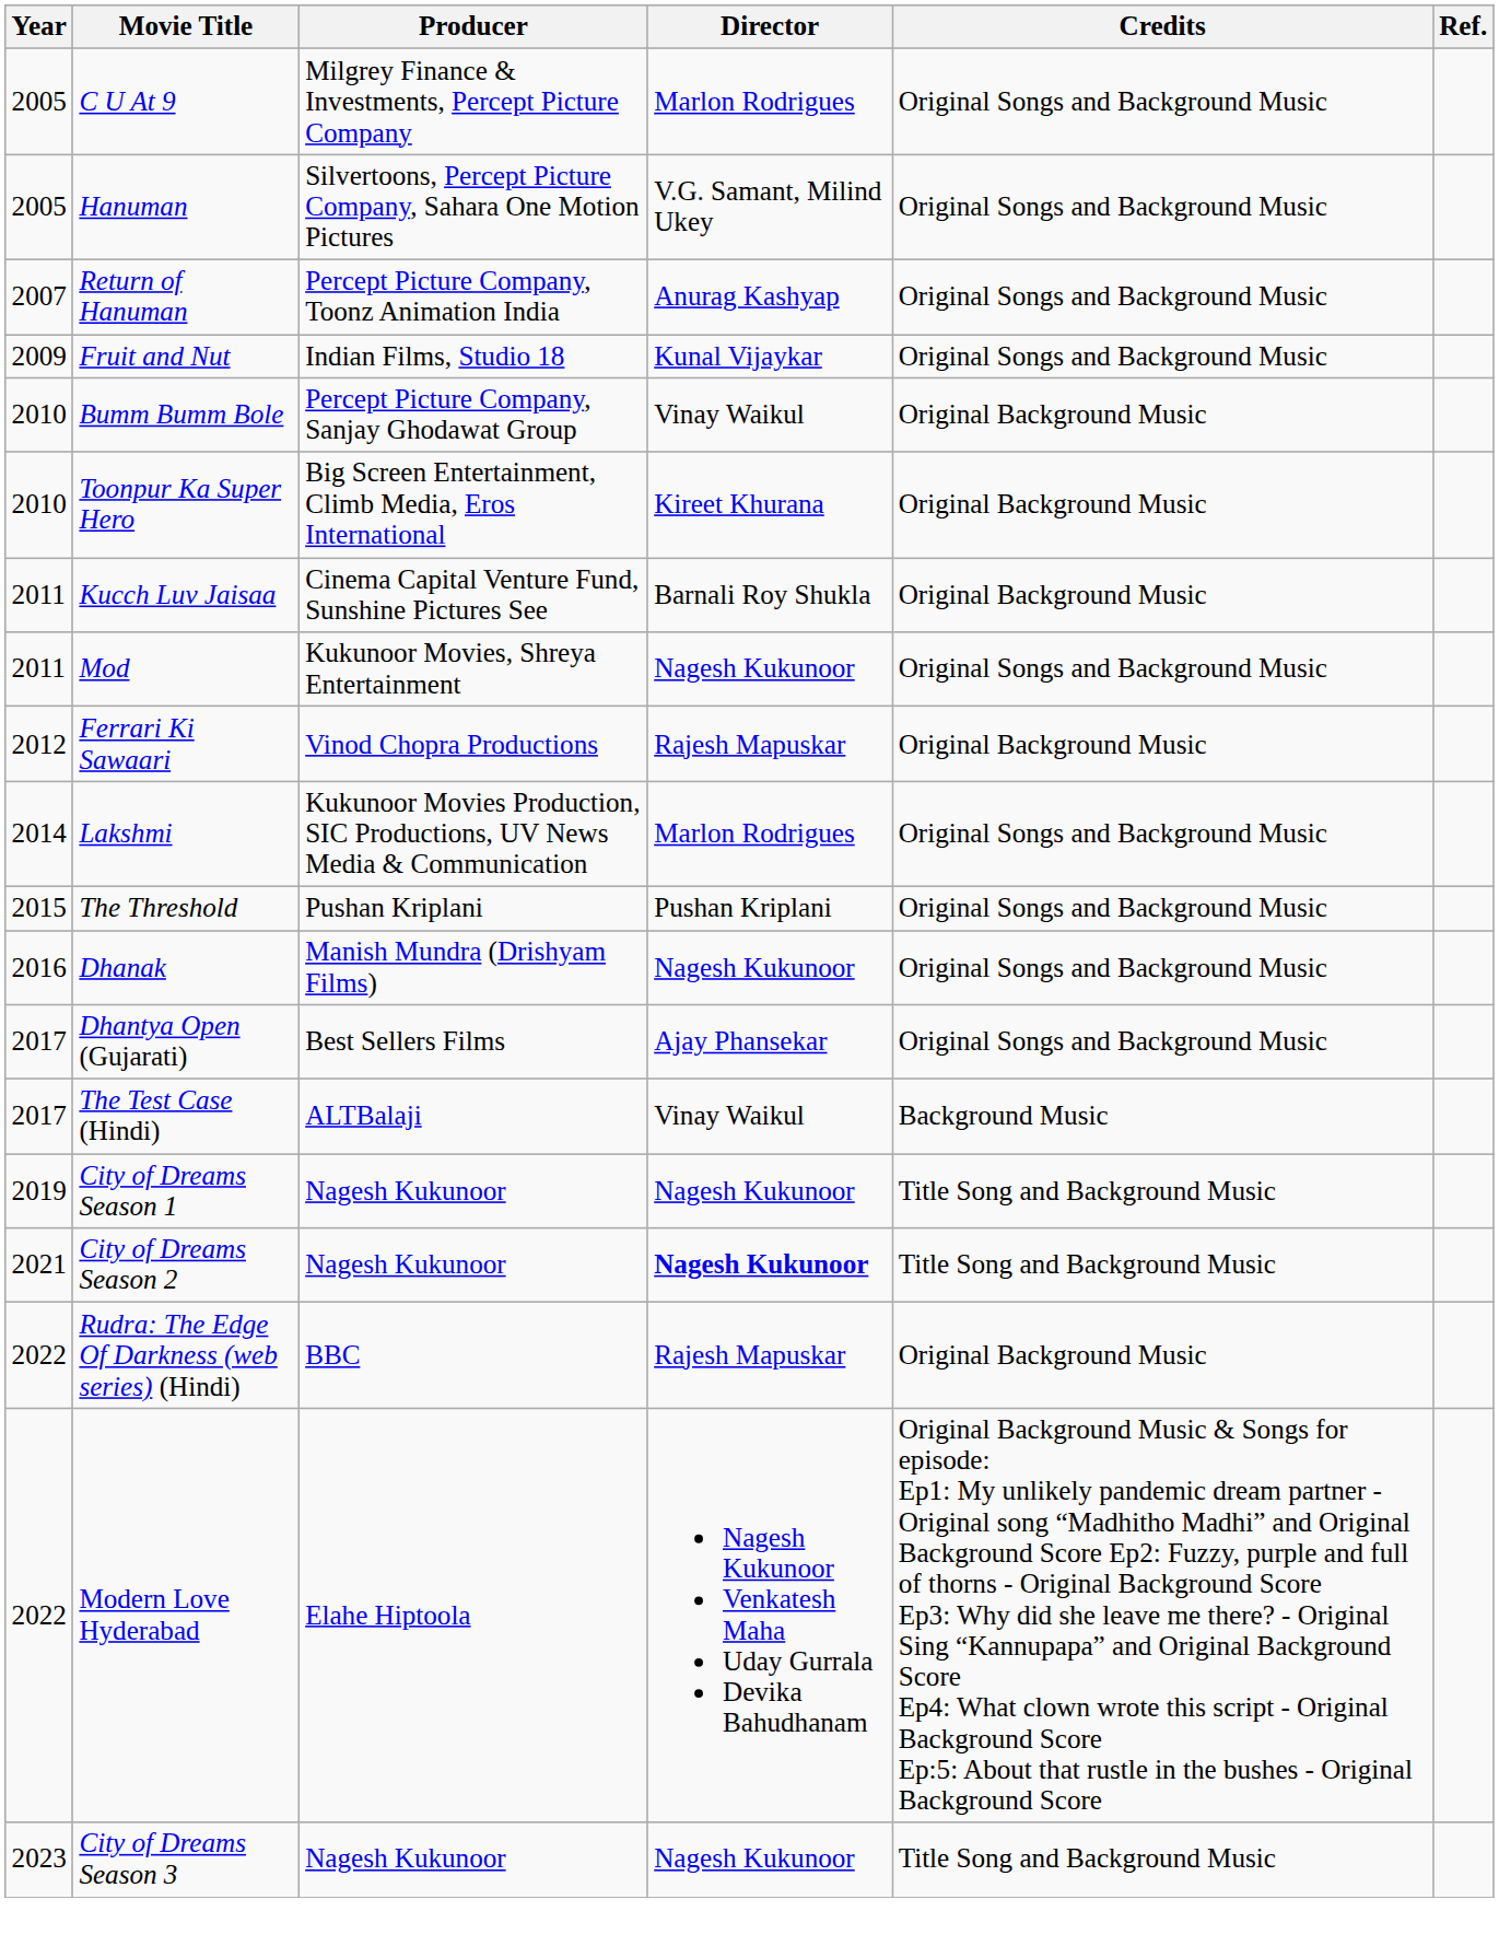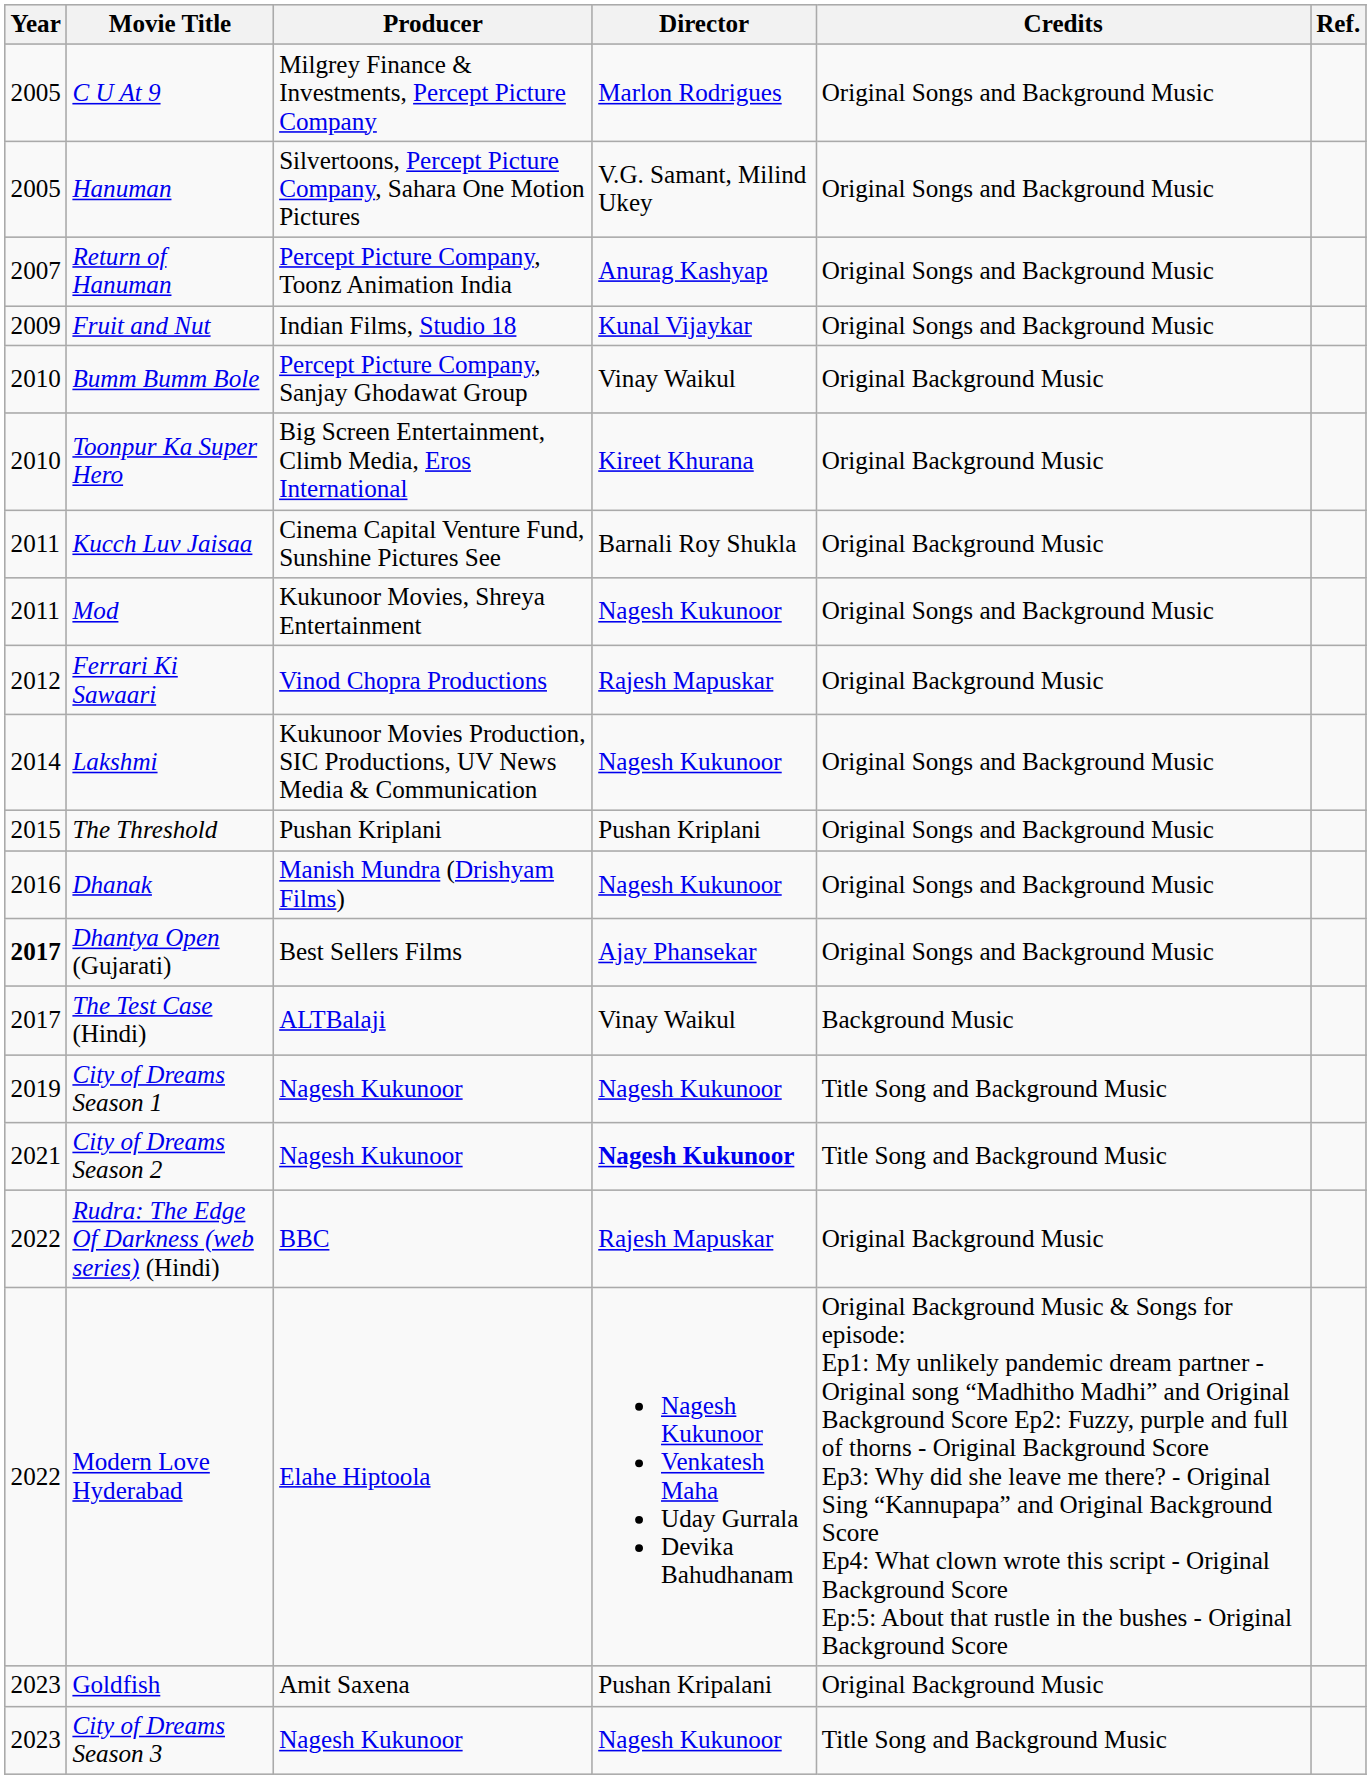 <table class=wikitable>
 <tr>
 <th>Year</th>
 <th>Movie Title</th>
 <th>Producer</th>
 <th>Director</th>
 <th>Credits</th>
 <th>Ref.</th>
 </tr>
 <tr>
 <td rowspan=1>2005</td>
 <td><em><a href='#'>C U At 9</a></em></td>
 <td>Milgrey Finance & Investments, <a href='#'>Percept Picture Company</a></td>
 <td><a href='#'>Marlon Rodrigues</a></td>
 <td>Original Songs and Background Music</td>
 <td></td>
 </tr>
 <tr>
 <td rowspan=1>2005</td>
 <td><em><a href='#'>Hanuman</a></em></td>
 <td>Silvertoons, <a href='#'>Percept Picture Company</a>, Sahara One Motion Pictures</td>
 <td>V.G. Samant, Milind Ukey</td>
 <td>Original Songs and Background Music</td>
 <td></td>
 </tr>
 <tr>
 <td rowspan=1>2007</td>
 <td><em><a href='#'>Return of Hanuman</a></em></td>
 <td><a href='#'>Percept Picture Company</a>, Toonz Animation India</td>
 <td><a href='#'>Anurag Kashyap</a></td>
 <td>Original Songs and Background Music</td>
 <td></td>
 </tr>
 <tr>
 <td rowspan=1>2009</td>
 <td><em><a href='#'>Fruit and Nut</a></em></td>
 <td>Indian Films, <a href='#'>Studio 18</a></td>
 <td><a href='#'>Kunal Vijaykar</a></td>
 <td>Original Songs and Background Music</td>
 <td></td>
 </tr>
 <tr>
 <td rowspan=1>2010</td>
 <td><em><a href='#'>Bumm Bumm Bole</a></em></td>
 <td><a href='#'>Percept Picture Company</a>, Sanjay Ghodawat Group</td>
 <td>Vinay Waikul</td>
 <td>Original Background Music</td>
 <td></td>
 </tr>
 <tr>
 <td rowspan=1>2010</td>
 <td><em><a href='#'>Toonpur Ka Super Hero</a></em></td>
 <td>Big Screen Entertainment, Climb Media, <a href='#'>Eros International</a></td>
 <td><a href='#'>Kireet Khurana</a></td>
 <td>Original Background Music</td>
 <td></td>
 </tr>
 <tr>
 <td rowspan=1>2011</td>
 <td><em><a href='#'>Kucch Luv Jaisaa</a></em></td>
 <td>Cinema Capital Venture Fund, Sunshine Pictures See</td>
 <td>Barnali Roy Shukla</td>
 <td>Original Background Music</td>
 <td></td>
 </tr>
 <tr>
 <td rowspan=1>2011</td>
 <td><em><a href='#'>Mod</a></em></td>
 <td>Kukunoor Movies, Shreya Entertainment</td>
 <td><a href='#'>Nagesh Kukunoor</a></td>
 <td>Original Songs and Background Music</td>
 <td></td>
 </tr>
 <tr>
 <td rowspan=1>2012</td>
 <td><em><a href='#'>Ferrari Ki Sawaari</a></em></td>
 <td><a href='#'>Vinod Chopra Productions</a></td>
 <td><a href='#'>Rajesh Mapuskar</a></td>
 <td>Original Background Music</td>
 <td></td>
 </tr>
 <tr>
 <td rowspan=1>2014</td>
 <td><em><a href='#'>Lakshmi</a></em></td>
 <td>Kukunoor Movies Production, SIC Productions, UV News Media & Communication</td>
-<td><a href='#'>Marlon Rodrigues</a></td>
+<td><a href='#'>Nagesh Kukunoor</a></td>
 <td>Original Songs and Background Music</td>
 <td></td>
 </tr>
 <tr>
 <td rowspan=1>2015</td>
 <td><em>The Threshold</em></td>
 <td>Pushan Kriplani</td>
 <td>Pushan Kriplani</td>
 <td>Original Songs and Background Music</td>
 <td></td>
 </tr>
 <tr>
 <td rowspan=1>2016</td>
 <td><em><a href='#'>Dhanak</a></em></td>
 <td><a href='#'>Manish Mundra</a> (<a href='#'>Drishyam Films</a>)</td>
 <td><a href='#'>Nagesh Kukunoor</a></td>
 <td>Original Songs and Background Music</td>
 <td></td>
 </tr>
 <tr>
-<td rowspan=1>2017</td>
+<td rowspan=1><strong>2017</strong></td>
 <td><em><a href='#'>Dhantya Open</a></em> (Gujarati)</td>
 <td>Best Sellers Films</td>
 <td><a href='#'>Ajay Phansekar</a></td>
 <td>Original Songs and Background Music</td>
 <td></td>
 </tr>
 <tr>
 <td rowspan=1>2017</td>
 <td><em><a href='#'>The Test Case</a></em> (Hindi)</td>
 <td><a href='#'>ALTBalaji</a></td>
 <td>Vinay Waikul</td>
 <td>Background Music</td>
 <td></td>
 </tr>
 <tr>
 <td>2019</td>
 <td><em><a href='#'>City of Dreams</a> Season 1</em></td>
 <td><a href='#'>Nagesh Kukunoor</a></td>
 <td><a href='#'>Nagesh Kukunoor</a></td>
 <td>Title Song and Background Music</td>
 <td></td>
 </tr>
 <tr>
 <td>2021</td>
 <td><em><a href='#'>City of Dreams</a> Season 2</em></td>
 <td><a href='#'>Nagesh Kukunoor</a></td>
 <td><strong><a href='#'>Nagesh Kukunoor</a></strong></td>
 <td>Title Song and Background Music</td>
 <td></td>
 </tr>
 <tr>
 <td rowspan=1>2022</td>
 <td><a href='#'><em>Rudra: The Edge Of Darkness (web series)</em></a> (Hindi)</td>
 <td><a href='#'>BBC</a></td>
 <td><a href='#'>Rajesh Mapuskar</a></td>
 <td>Original Background Music</td>
 <td></td>
 </tr>
 <tr>
 <td>2022</td>
 <td><a href='#'>Modern Love Hyderabad</a></td>
 <td><a href='#'>Elahe Hiptoola</a></td>
 <td><br><ul><li><a href='#'>Nagesh Kukunoor</a></li><li><a href='#'>Venkatesh Maha</a></li><li>Uday Gurrala</li><li>Devika Bahudhanam</li></ul></td>
 <td>Original Background Music & Songs for episode:<br>Ep1: My unlikely pandemic dream partner - Original song “Madhitho Madhi” and Original Background Score Ep2: Fuzzy, purple and full of thorns - Original Background Score<br>Ep3: Why did she leave me there? - Original Sing “Kannupapa” and Original Background Score<br>Ep4: What clown wrote this script - Original Background Score<br>Ep:5: About that rustle in the bushes - Original Background Score</td>
 <td></td>
 </tr>
 <tr>
 <td>2023</td>
+<td><a href='#'>Goldfish</a></td>
+<td>Amit Saxena</td>
+<td>Pushan Kripalani</td>
+<td>Original Background Music</td>
+<td></td>
+</tr>
+<tr>
+<td>2023</td>
 <td><em><a href='#'>City of Dreams</a> Season 3</em></td>
 <td><a href='#'>Nagesh Kukunoor</a></td>
 <td><a href='#'>Nagesh Kukunoor</a></td>
 <td>Title Song and Background Music</td>
 <td></td>
 </tr>
 </table>
